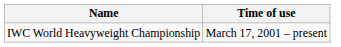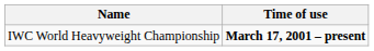 <table class="wikitable" border="1">
 <tr>
 <th>Name</th>
 <th>Time of use</th>
 </tr>
 <tr>
 <td>IWC World Heavyweight Championship</td>
-<td>March 17, 2001 – present</td>
+<td><strong>March 17, 2001 – present</strong></td>
 </tr>
 </table>
